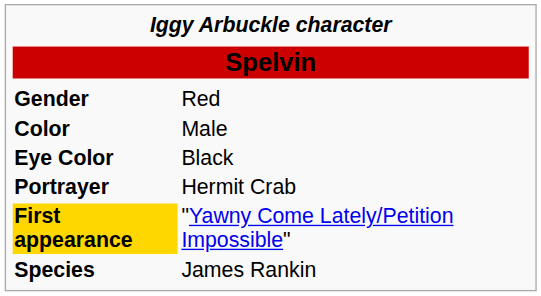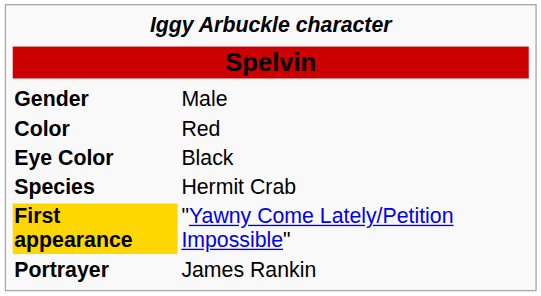 <table class="infobox" style="width: 25em;">
 <tr>
 <td colspan="2" style="text-align:center;"><strong><em>Iggy Arbuckle character</em></strong></td>
 </tr>
 <tr>
 <td colspan="2" style="text-align:center;"></td>
 </tr>
 <tr>
 <th colspan="2" style="font-size: larger; background-color:#c00; color:#000;"><strong>Spelvin</strong></th>
 </tr>
 <tr>
 <td colspan="2"></td>
 </tr>
 <tr>
 <td><strong>Gender</strong></td>
-<td>Red</td>
+<td>Male</td>
 </tr>
 <tr>
 <td><strong>Color</strong></td>
-<td>Male</td>
+<td>Red</td>
 </tr>
 <tr>
 <td><strong>Eye Color</strong></td>
 <td>Black</td>
 </tr>
 <tr>
-<td><strong>Portrayer</strong></td>
+<td><strong>Species</strong></td>
 <td>Hermit Crab</td>
 </tr>
 <tr>
 <td style="background: gold;"><strong>First appearance</strong></td>
 <td>"<a href='#'>Yawny Come Lately/Petition Impossible</a>"</td>
 </tr>
 <tr>
-<td><strong>Species</strong></td>
+<td><strong>Portrayer</strong></td>
 <td>James Rankin</td>
 </tr>
 </table>
